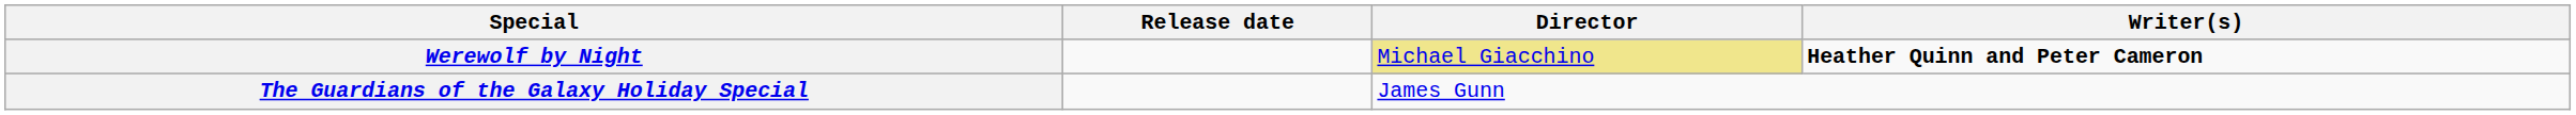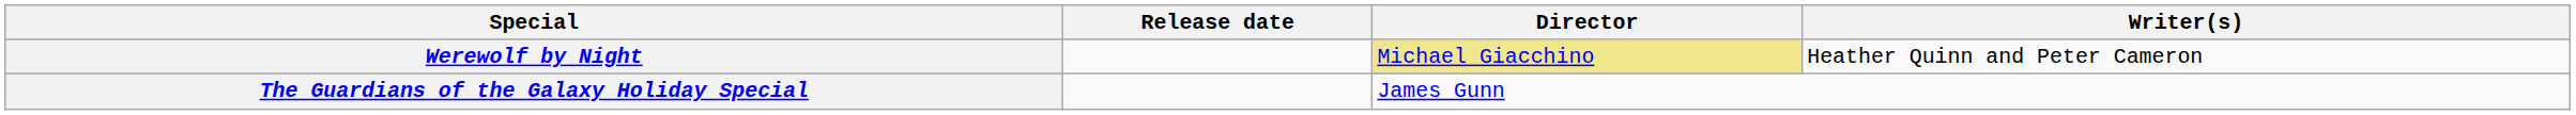 <table class="wikitable plainrowheaders defaultcenter col2left" style="width: 99%;">
 <tr>
 <th scope="col">Special</th>
 <th scope="col">Release date</th>
 <th scope="col">Director</th>
 <th scope="col">Writer(s)</th>
 </tr>
 <tr>
 <th scope="row"><em><a href='#'>Werewolf by Night</a></em></th>
 <td></td>
 <td style="background: khaki;"><a href='#'>Michael Giacchino</a></td>
-<td><strong>Heather Quinn and Peter Cameron</strong></td>
+<td>Heather Quinn and Peter Cameron</td>
 </tr>
 <tr>
 <th scope="row"><em><a href='#'>The Guardians of the Galaxy Holiday Special</a></em></th>
 <td></td>
 <td colspan="2"><a href='#'>James Gunn</a></td>
 </tr>
 </table>
